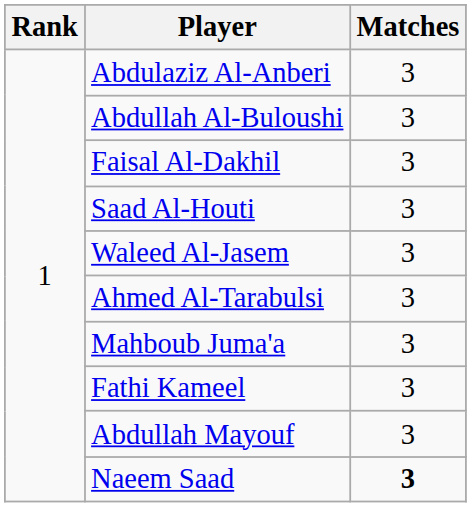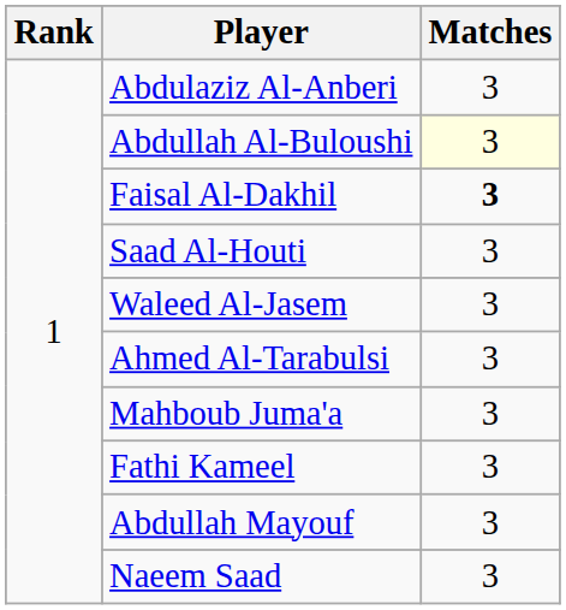 <table class="wikitable" style="text-align: left;">
 <tr>
 <th>Rank</th>
 <th>Player</th>
 <th>Matches</th>
 </tr>
 <tr>
 <td rowspan=10 align=center>1</td>
 <td><a href='#'>Abdulaziz Al-Anberi</a></td>
 <td align=center>3</td>
 </tr>
 <tr>
 <td><a href='#'>Abdullah Al-Buloushi</a></td>
-<td align=center>3</td>
+<td align=center style="background: lightyellow;">3</td>
 </tr>
 <tr>
 <td><a href='#'>Faisal Al-Dakhil</a></td>
-<td align=center>3</td>
+<td align=center><strong>3</strong></td>
 </tr>
 <tr>
 <td><a href='#'>Saad Al-Houti</a></td>
 <td align=center>3</td>
 </tr>
 <tr>
 <td><a href='#'>Waleed Al-Jasem</a></td>
 <td align=center>3</td>
 </tr>
 <tr>
 <td><a href='#'>Ahmed Al-Tarabulsi</a></td>
 <td align=center>3</td>
 </tr>
 <tr>
 <td><a href='#'>Mahboub Juma'a</a></td>
 <td align=center>3</td>
 </tr>
 <tr>
 <td><a href='#'>Fathi Kameel</a></td>
 <td align=center>3</td>
 </tr>
 <tr>
 <td><a href='#'>Abdullah Mayouf</a></td>
 <td align=center>3</td>
 </tr>
 <tr>
 <td><a href='#'>Naeem Saad</a></td>
-<td align=center><strong>3</strong></td>
+<td align=center>3</td>
 </tr>
 </table>
